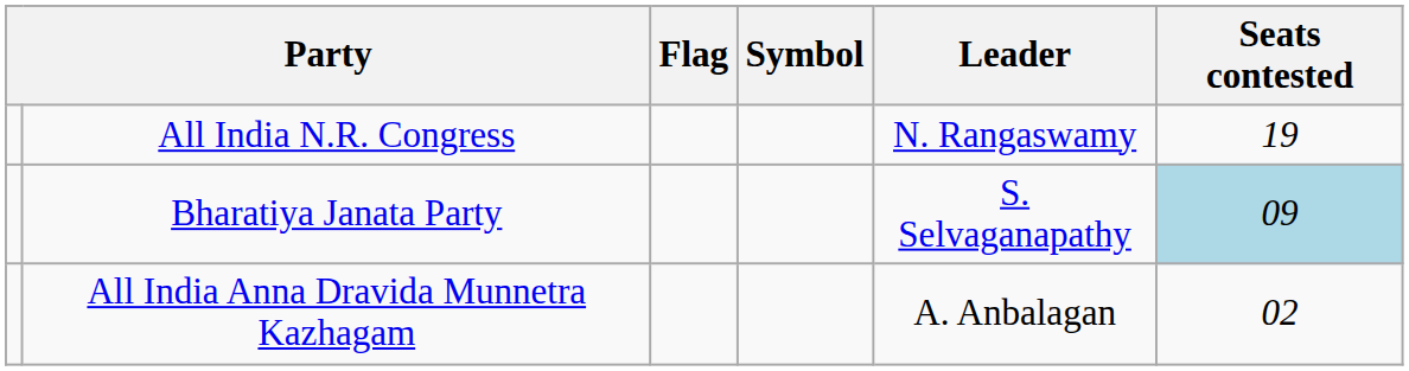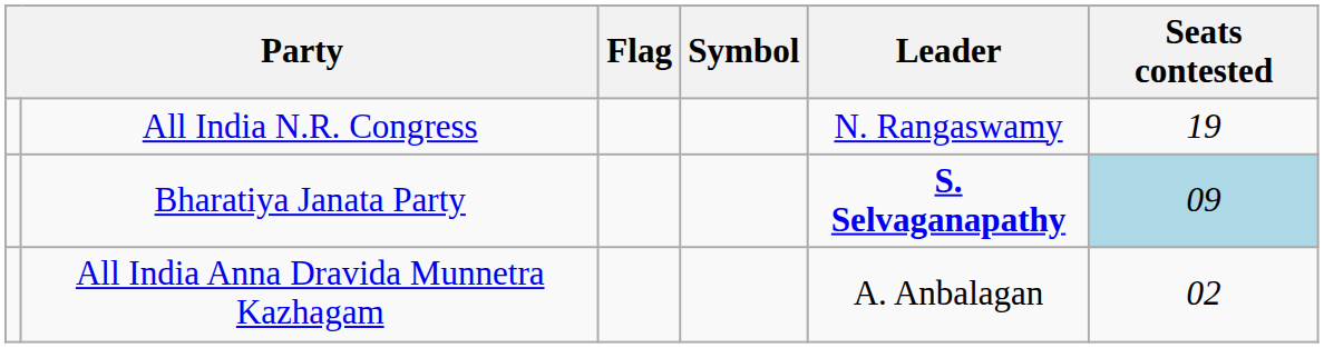 <table class="wikitable" style="text-align:center;">
 <tr>
 <th colspan=2>Party</th>
 <th>Flag</th>
 <th>Symbol</th>
 <th>Leader</th>
 <th>Seats contested</th>
 </tr>
 <tr>
 <td></td>
 <td><a href='#'>All India N.R. Congress</a></td>
 <td></td>
 <td></td>
 <td><a href='#'>N. Rangaswamy</a></td>
 <td><em>19</em></td>
 </tr>
 <tr>
 <td></td>
 <td><a href='#'>Bharatiya Janata Party</a></td>
 <td></td>
 <td></td>
-<td><a href='#'>S. Selvaganapathy</a></td>
+<td><strong><a href='#'>S. Selvaganapathy</a></strong></td>
 <td style="background: lightblue;"><em>09</em></td>
 </tr>
 <tr>
 <td></td>
 <td><a href='#'>All India Anna Dravida Munnetra Kazhagam</a></td>
 <td></td>
 <td></td>
 <td>A. Anbalagan</td>
 <td><em>02</em></td>
 </tr>
 </table>
